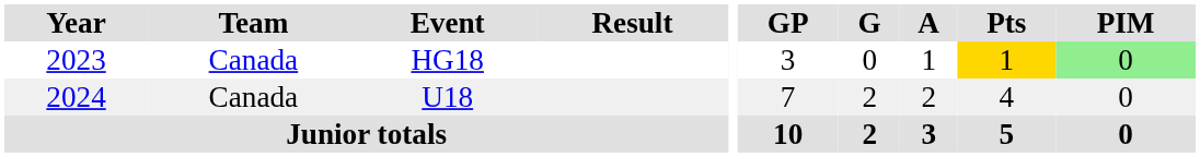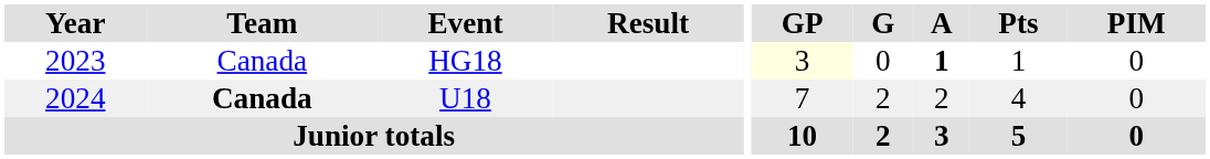 <table border="0" cellpadding="1" cellspacing="0" ID="Table3" style="text-align:center; width:40em">
 <tr bgcolor="#e0e0e0">
 <th>Year</th>
 <th>Team</th>
 <th>Event</th>
 <th>Result</th>
 <th rowspan="99" bgcolor="#ffffff"></th>
 <th>GP</th>
 <th>G</th>
 <th>A</th>
 <th>Pts</th>
 <th>PIM</th>
 </tr>
 <tr>
 <td><a href='#'>2023</a></td>
 <td><a href='#'>Canada</a></td>
 <td><a href='#'>HG18</a></td>
 <td></td>
-<td>3</td>
+<td style="background: lightyellow;">3</td>
 <td>0</td>
+<td><strong>1</strong></td>
 <td>1</td>
-<td style="background: gold;">1</td>
-<td style="background: lightgreen;">0</td>
+<td>0</td>
 </tr>
 <tr bgcolor="f0f0f0">
 <td><a href='#'>2024</a></td>
-<td>Canada</td>
+<td><strong>Canada</strong></td>
 <td><a href='#'>U18</a></td>
 <td></td>
 <td>7</td>
 <td>2</td>
 <td>2</td>
 <td>4</td>
 <td>0</td>
 </tr>
 <tr bgcolor="#e0e0e0">
 <th colspan="4">Junior totals</th>
 <th>10</th>
 <th>2</th>
 <th>3</th>
 <th>5</th>
 <th>0</th>
 </tr>
 </table>
